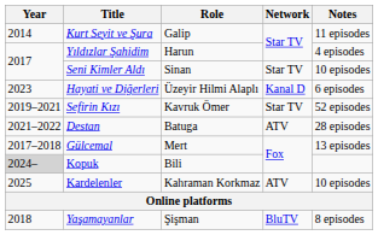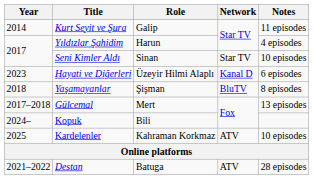 <table class="wikitable">
 <tr>
 <th>Year</th>
 <th>Title</th>
 <th>Role</th>
 <th>Network</th>
 <th>Notes</th>
 </tr>
 <tr>
 <td>2014</td>
 <td><em><a href='#'>Kurt Seyit ve Şura</a></em></td>
 <td>Galip</td>
 <td rowspan="2"><a href='#'>Star TV</a></td>
 <td>11 episodes</td>
 </tr>
 <tr>
 <td rowspan="2">2017</td>
 <td><em><a href='#'>Yıldızlar Şahidim</a></em></td>
 <td>Harun</td>
 <td>4 episodes</td>
 </tr>
 <tr>
 <td><em><a href='#'>Seni Kimler Aldı</a></em></td>
 <td>Sinan</td>
 <td>Star TV</td>
 <td>10 episodes</td>
 </tr>
 <tr>
 <td>2023</td>
 <td><em><a href='#'>Hayati ve Diğerleri</a></em></td>
 <td>Üzeyir Hilmi Alaplı</td>
 <td><a href='#'>Kanal D</a></td>
 <td>6 episodes</td>
 </tr>
 <tr>
-<td>2019–2021</td>
-<td><em><a href='#'>Sefirin Kızı</a></em></td>
-<td>Kavruk Ömer</td>
-<td>Star TV</td>
-<td>52 episodes</td>
-</tr>
-<tr>
-<td>2021–2022</td>
-<td><em><a href='#'>Destan</a></em></td>
-<td>Batuga</td>
-<td>ATV</td>
-<td>28 episodes</td>
+<td>2018</td>
+<td><em><a href='#'>Yaşamayanlar</a></em></td>
+<td>Şişman</td>
+<td><a href='#'>BluTV</a></td>
+<td>8 episodes</td>
 </tr>
 <tr>
 <td>2017–2018</td>
 <td><em><a href='#'>Gülcemal</a></em></td>
 <td>Mert</td>
 <td rowspan="2"><a href='#'>Fox</a></td>
 <td>13 episodes</td>
 </tr>
 <tr>
-<td style="background: lightgrey;">2024–</td>
+<td>2024–</td>
 <td><a href='#'>Kopuk</a></td>
 <td>Bili</td>
 <td></td>
 </tr>
 <tr>
 <td>2025</td>
 <td><a href='#'>Kardelenler</a></td>
 <td>Kahraman Korkmaz</td>
 <td>ATV</td>
 <td>10 episodes</td>
 </tr>
 <tr>
 <th colspan="5" style="“background:#8C645B”">Online platforms</th>
 </tr>
 <tr>
-<td>2018</td>
-<td><em><a href='#'>Yaşamayanlar</a></em></td>
-<td>Şişman</td>
-<td><a href='#'>BluTV</a></td>
-<td>8 episodes</td>
+<td>2021–2022</td>
+<td><em><a href='#'>Destan</a></em></td>
+<td>Batuga</td>
+<td>ATV</td>
+<td>28 episodes</td>
 </tr>
 </table>
